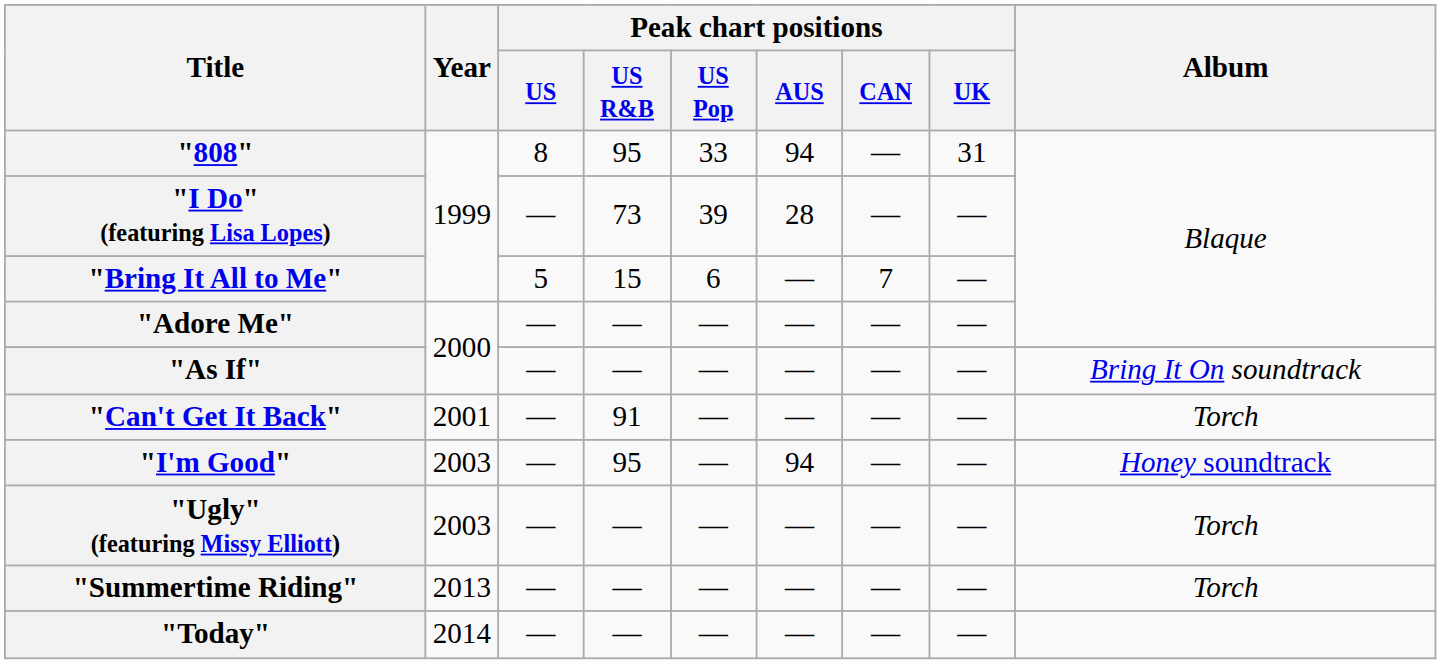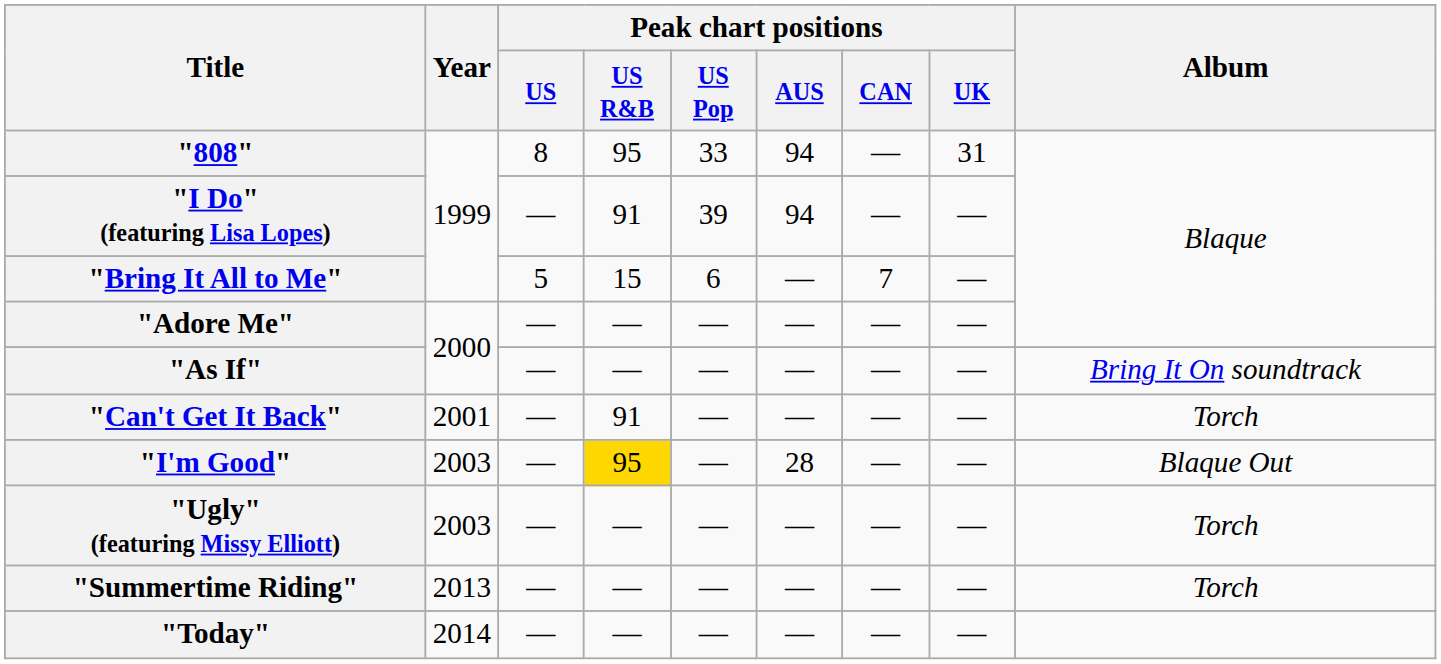 <table class="wikitable plainrowheaders" style="text-align:center;" border="1">
 <tr>
 <th scope="col" rowspan="2" style="width:14em;">Title</th>
 <th scope="col" rowspan="2">Year</th>
 <th scope="col" colspan="6">Peak chart positions</th>
 <th scope="col" rowspan="2" style="width:14em;">Album</th>
 </tr>
 <tr>
 <th width="40"><small><a href='#'>US</a></small></th>
 <th width="40"><small><a href='#'>US R&B</a></small></th>
 <th width="40"><small><a href='#'>US Pop</a></small></th>
 <th width="40"><small><a href='#'>AUS</a></small><br></th>
 <th width="40"><small><a href='#'>CAN</a></small></th>
 <th width="40"><small><a href='#'>UK</a></small></th>
 </tr>
 <tr>
 <th scope="row">"<a href='#'>808</a>"</th>
 <td rowspan="3" style="text-align:center;">1999</td>
 <td style="text-align:center;">8</td>
 <td style="text-align:center;">95</td>
 <td style="text-align:center;">33</td>
 <td style="text-align:center;">94</td>
 <td style="text-align:center;">—</td>
 <td style="text-align:center;">31</td>
 <td rowspan="4"><em>Blaque</em></td>
 </tr>
 <tr>
 <th scope="row">"<a href='#'>I Do</a>" <br><small>(featuring <a href='#'>Lisa Lopes</a>)</small></th>
 <td style="text-align:center;">—</td>
-<td style="text-align:center;">73</td>
+<td style="text-align:center;">91</td>
 <td style="text-align:center;">39</td>
-<td style="text-align:center;">28</td>
+<td style="text-align:center;">94</td>
 <td style="text-align:center;">—</td>
 <td style="text-align:center;">—</td>
 </tr>
 <tr>
 <th scope="row">"<a href='#'>Bring It All to Me</a>"</th>
 <td style="text-align:center;">5</td>
 <td style="text-align:center;">15</td>
 <td style="text-align:center;">6</td>
 <td style="text-align:center;">—</td>
 <td style="text-align:center;">7</td>
 <td style="text-align:center;">—</td>
 </tr>
 <tr>
 <th scope="row">"Adore Me"</th>
 <td rowspan="2">2000</td>
 <td style="text-align:center;">—</td>
 <td style="text-align:center;">—</td>
 <td style="text-align:center;">—</td>
 <td style="text-align:center;">—</td>
 <td style="text-align:center;">—</td>
 <td style="text-align:center;">—</td>
 </tr>
 <tr>
 <th scope="row">"As If"</th>
 <td style="text-align:center;">—</td>
 <td style="text-align:center;">—</td>
 <td style="text-align:center;">—</td>
 <td style="text-align:center;">—</td>
 <td style="text-align:center;">—</td>
 <td style="text-align:center;">—</td>
 <td><em><a href='#'>Bring It On</a> soundtrack</em></td>
 </tr>
 <tr>
 <th scope="row">"<a href='#'>Can't Get It Back</a>"</th>
 <td style="text-align:center;">2001</td>
 <td style="text-align:center;">—</td>
 <td style="text-align:center;">91</td>
 <td style="text-align:center;">—</td>
 <td style="text-align:center;">—</td>
 <td style="text-align:center;">—</td>
 <td style="text-align:center;">—</td>
 <td><em>Torch</em></td>
 </tr>
 <tr>
 <th scope="row">"<a href='#'>I'm Good</a>"</th>
 <td style="text-align:center;">2003</td>
 <td style="text-align:center;">—</td>
-<td style="text-align:center;">95</td>
+<td style="background: gold; text-align:center;">95</td>
 <td style="text-align:center;">—</td>
-<td style="text-align:center;">94</td>
+<td style="text-align:center;">28</td>
 <td style="text-align:center;">—</td>
 <td style="text-align:center;">—</td>
-<td><a href='#'><em>Honey</em> soundtrack</a></td>
+<td><em>Blaque Out</em></td>
 </tr>
 <tr>
 <th scope="row">"Ugly" <br><small>(featuring <a href='#'>Missy Elliott</a>)</small></th>
 <td>2003</td>
 <td style="text-align:center;">—</td>
 <td style="text-align:center;">—</td>
 <td style="text-align:center;">—</td>
 <td style="text-align:center;">—</td>
 <td style="text-align:center;">—</td>
 <td style="text-align:center;">—</td>
 <td><em>Torch</em></td>
 </tr>
 <tr>
 <th scope="row">"Summertime Riding"</th>
 <td>2013</td>
 <td style="text-align:center;">—</td>
 <td style="text-align:center;">—</td>
 <td style="text-align:center;">—</td>
 <td style="text-align:center;">—</td>
 <td style="text-align:center;">—</td>
 <td style="text-align:center;">—</td>
 <td><em>Torch</em></td>
 </tr>
 <tr>
 <th scope="row">"Today"</th>
 <td>2014</td>
 <td style="text-align:center;">—</td>
 <td style="text-align:center;">—</td>
 <td style="text-align:center;">—</td>
 <td style="text-align:center;">—</td>
 <td style="text-align:center;">—</td>
 <td style="text-align:center;">—</td>
 </tr>
 </table>
